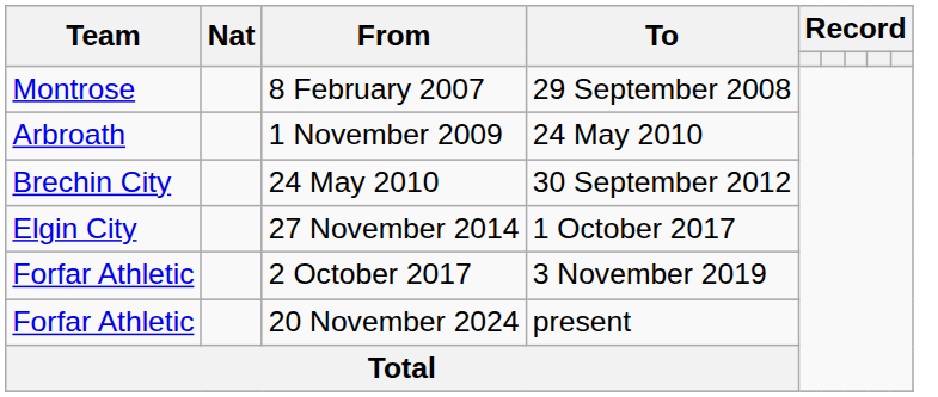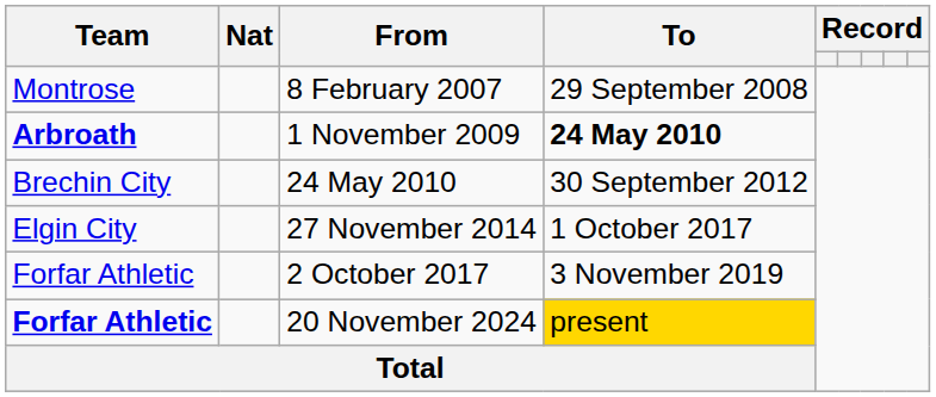 <table class="wikitable" style="text-align: center">
 <tr>
 <th rowspan="2">Team</th>
 <th rowspan="2">Nat</th>
 <th rowspan="2">From</th>
 <th rowspan="2">To</th>
 <th colspan="5">Record</th>
 </tr>
 <tr>
 <th></th>
 <th></th>
 <th></th>
 <th></th>
 <th></th>
 </tr>
 <tr>
 <td align=left><a href='#'>Montrose</a></td>
 <td></td>
 <td align=left>8 February 2007</td>
 <td align=left>29 September 2008<br></td>
 </tr>
 <tr>
-<td align=left><a href='#'>Arbroath</a></td>
+<td align=left><strong><a href='#'>Arbroath</a></strong></td>
 <td></td>
 <td align=left>1 November 2009</td>
-<td align=left>24 May 2010<br></td>
+<td align=left><strong>24 May 2010<br></strong></td>
 </tr>
 <tr>
 <td align=left><a href='#'>Brechin City</a></td>
 <td></td>
 <td align=left>24 May 2010</td>
 <td align=left>30 September 2012<br></td>
 </tr>
 <tr>
 <td align=left><a href='#'>Elgin City</a></td>
 <td></td>
 <td align=left>27 November 2014</td>
 <td align=left>1 October 2017<br></td>
 </tr>
 <tr>
 <td align=left><a href='#'>Forfar Athletic</a></td>
 <td></td>
 <td align=left>2 October 2017</td>
 <td align=left>3 November 2019<br></td>
 </tr>
 <tr>
-<td align=left><a href='#'>Forfar Athletic</a></td>
+<td align=left><strong><a href='#'>Forfar Athletic</a></strong></td>
 <td></td>
 <td align=left>20 November 2024</td>
-<td align=left>present<br></td>
+<td align=left style="background: gold;">present<br></td>
 </tr>
 <tr>
 <th colspan=4>Total<br></th>
 </tr>
 </table>
